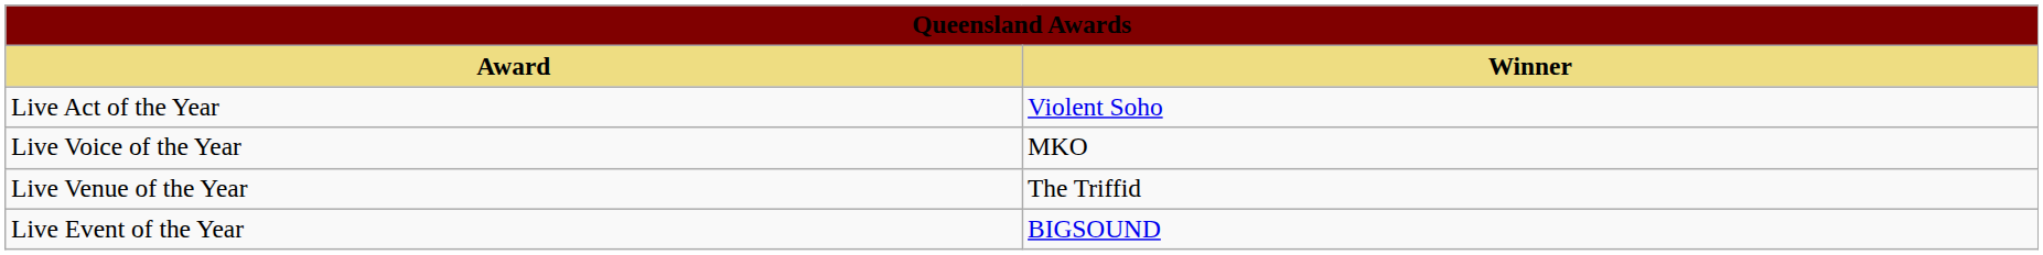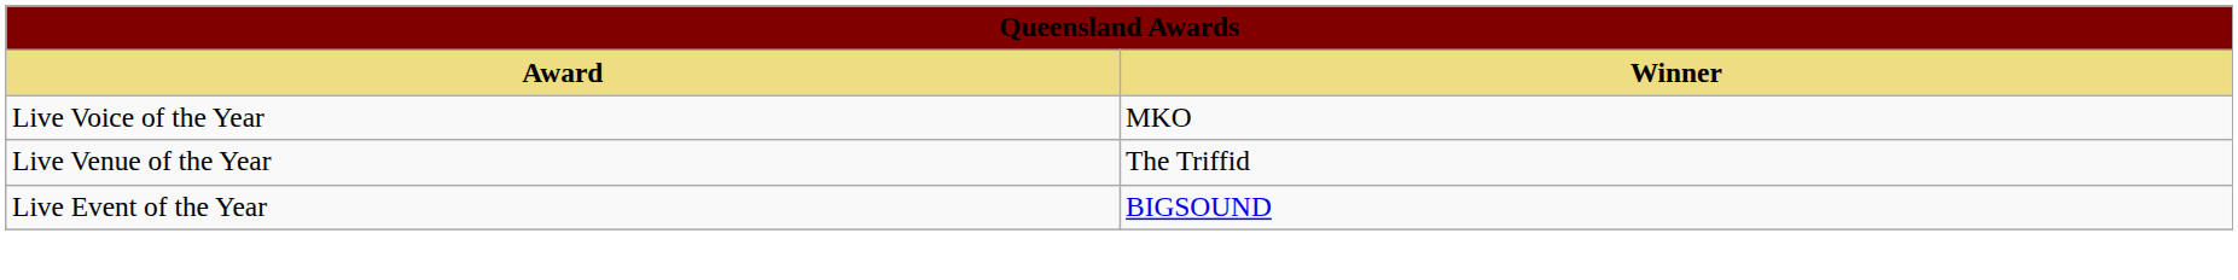 <table class="wikitable" width=100%>
 <tr>
 <th colspan="2" ! style="width:15%;background:maroon">Queensland Awards</th>
 </tr>
 <tr>
 <th style="width:10%;background:#EEDD82;">Award</th>
 <th style="width:10%;background:#EEDD82;">Winner</th>
-</tr>
-<tr>
-<td>Live Act of the Year</td>
-<td><a href='#'>Violent Soho</a></td>
 </tr>
 <tr>
 <td>Live Voice of the Year</td>
 <td>MKO</td>
 </tr>
 <tr>
 <td>Live Venue of the Year</td>
 <td>The Triffid</td>
 </tr>
 <tr>
 <td>Live Event of the Year</td>
 <td><a href='#'>BIGSOUND</a></td>
 </tr>
 </table>
